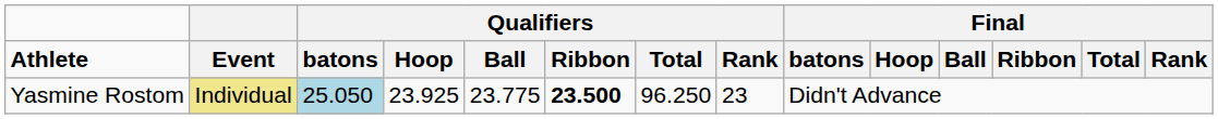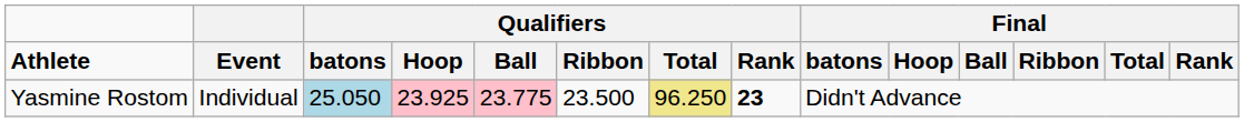 <table class="wikitable">
 <tr>
 <td></td>
 <th></th>
 <th colspan="6">Qualifiers</th>
 <th colspan="6">Final</th>
 </tr>
 <tr>
 <td><strong>Athlete</strong></td>
 <th>Event</th>
 <th>batons</th>
 <th>Hoop<br></th>
 <th>Ball<br></th>
 <th>Ribbon<br></th>
 <th>Total</th>
 <th>Rank</th>
 <th>batons</th>
 <th>Hoop<br></th>
 <th>Ball<br></th>
 <th>Ribbon<br></th>
 <th>Total</th>
 <th>Rank</th>
 </tr>
 <tr>
 <td>Yasmine Rostom</td>
-<td style="background: khaki;">Individual</td>
+<td>Individual</td>
 <td style="background: lightblue;">25.050</td>
-<td>23.925</td>
-<td>23.775</td>
-<td><strong>23.500</strong></td>
-<td>96.250</td>
-<td>23</td>
+<td style="background: pink;">23.925</td>
+<td style="background: pink;">23.775</td>
+<td>23.500</td>
+<td style="background: khaki;">96.250</td>
+<td><strong>23</strong></td>
 <td colspan="6">Didn't Advance</td>
 </tr>
 </table>
